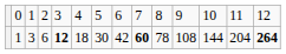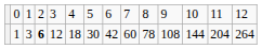 <table class="wikitable">
 <tr>
 <th></th>
 <td>0</td>
 <td>1</td>
 <td>2</td>
 <td>3</td>
 <td>4</td>
 <td>5</td>
 <td>6</td>
 <td>7</td>
 <td>8</td>
 <td>9</td>
 <td>10</td>
 <td>11</td>
 <td>12</td>
 </tr>
 <tr>
 <th></th>
 <td>1</td>
 <td>3</td>
-<td>6</td>
-<td><strong>12</strong></td>
+<td><strong>6</strong></td>
+<td>12</td>
 <td>18</td>
 <td>30</td>
 <td>42</td>
-<td><strong>60</strong></td>
+<td>60</td>
 <td>78</td>
 <td>108</td>
 <td>144</td>
 <td>204</td>
-<td><strong>264</strong></td>
+<td>264</td>
 </tr>
 </table>
